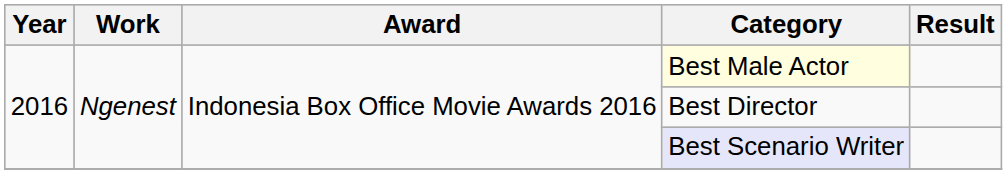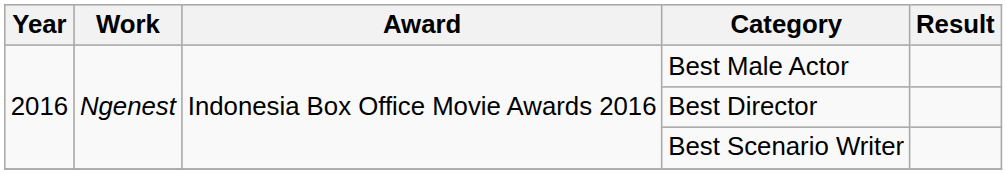 <table class="wikitable sortable">
 <tr>
 <th>Year</th>
 <th>Work</th>
 <th>Award</th>
 <th>Category</th>
 <th>Result</th>
 </tr>
 <tr>
 <td rowspan=3>2016</td>
 <td rowspan=3><em>Ngenest</em></td>
 <td rowspan=3>Indonesia Box Office Movie Awards 2016</td>
-<td style="background: lightyellow;">Best Male Actor</td>
+<td>Best Male Actor</td>
 <td></td>
 </tr>
 <tr>
 <td>Best Director</td>
 <td></td>
 </tr>
 <tr>
-<td style="background: lavender;">Best Scenario Writer</td>
+<td>Best Scenario Writer</td>
 <td></td>
 </tr>
 <tr>
 </tr>
 </table>
